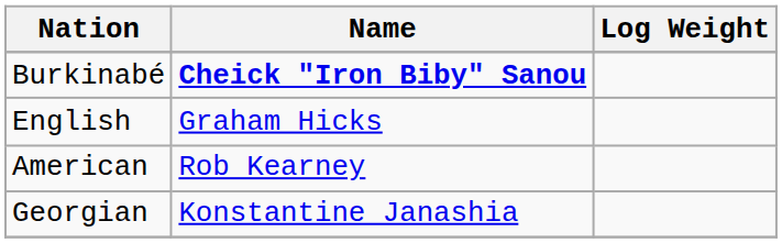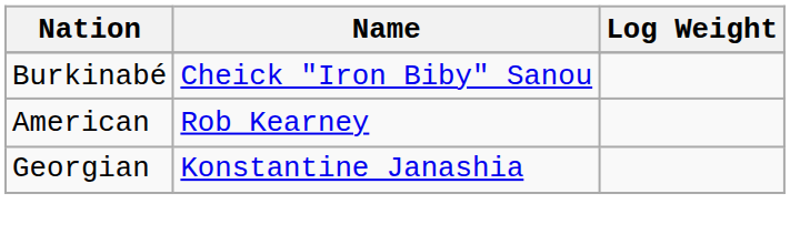 <table class="wikitable" style="display: inline-table">
 <tr>
 <th>Nation</th>
 <th>Name</th>
 <th>Log Weight</th>
 </tr>
 <tr>
 </tr>
 <tr>
 <td> Burkinabé</td>
-<td><strong><a href='#'>Cheick "Iron Biby" Sanou</a></strong></td>
-<td></td>
-</tr>
-<tr>
-<td> English</td>
-<td><a href='#'>Graham Hicks</a></td>
+<td><a href='#'>Cheick "Iron Biby" Sanou</a></td>
 <td></td>
 </tr>
 <tr>
 <td> American</td>
 <td><a href='#'>Rob Kearney</a></td>
 <td></td>
 </tr>
 <tr>
 <td> Georgian</td>
 <td><a href='#'>Konstantine Janashia</a></td>
 <td></td>
 </tr>
 <tr>
 </tr>
 </table>
